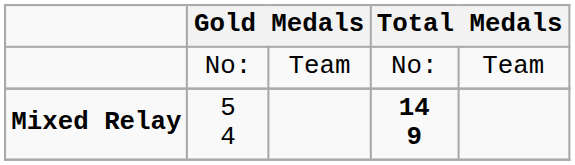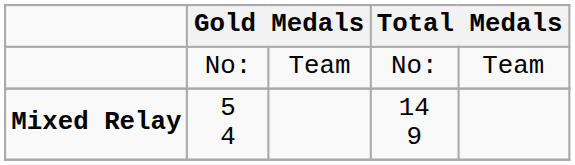 <table class="wikitable" style="text-align: center; font-size:95%;">
 <tr>
 <td></td>
 <th colspan=2>Gold Medals</th>
 <th colspan=2>Total Medals</th>
 </tr>
 <tr>
 <td></td>
 <td>No:</td>
 <td>Team</td>
 <td>No:</td>
 <td>Team</td>
 </tr>
 <tr>
 </tr>
 <tr>
 <td><strong>Mixed Relay</strong></td>
 <td>5 <br> 4</td>
 <td align="left"> <br> </td>
-<td><strong>14 <br> 9</strong></td>
+<td>14 <br> 9</td>
 <td align="left"> <br> </td>
 </tr>
 <tr>
 </tr>
 </table>
